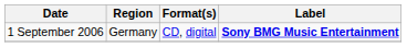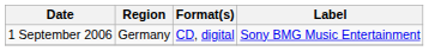 <table class="wikitable">
 <tr>
 <th align="center">Date</th>
 <th align="center">Region</th>
 <th align="center">Format(s)</th>
 <th align="center">Label</th>
 </tr>
 <tr>
 <td align="left">1 September 2006</td>
 <td align="left">Germany</td>
 <td align="left"><a href='#'>CD</a>, <a href='#'>digital</a></td>
-<td align="left"><strong><a href='#'>Sony BMG Music Entertainment</a></strong></td>
+<td align="left"><a href='#'>Sony BMG Music Entertainment</a></td>
 </tr>
 <tr>
 </tr>
 </table>
